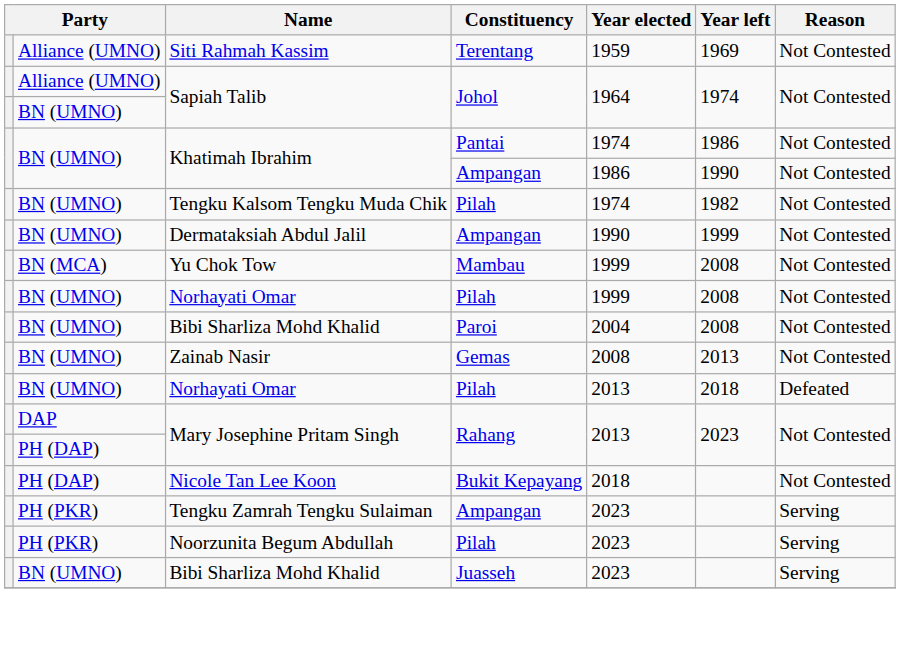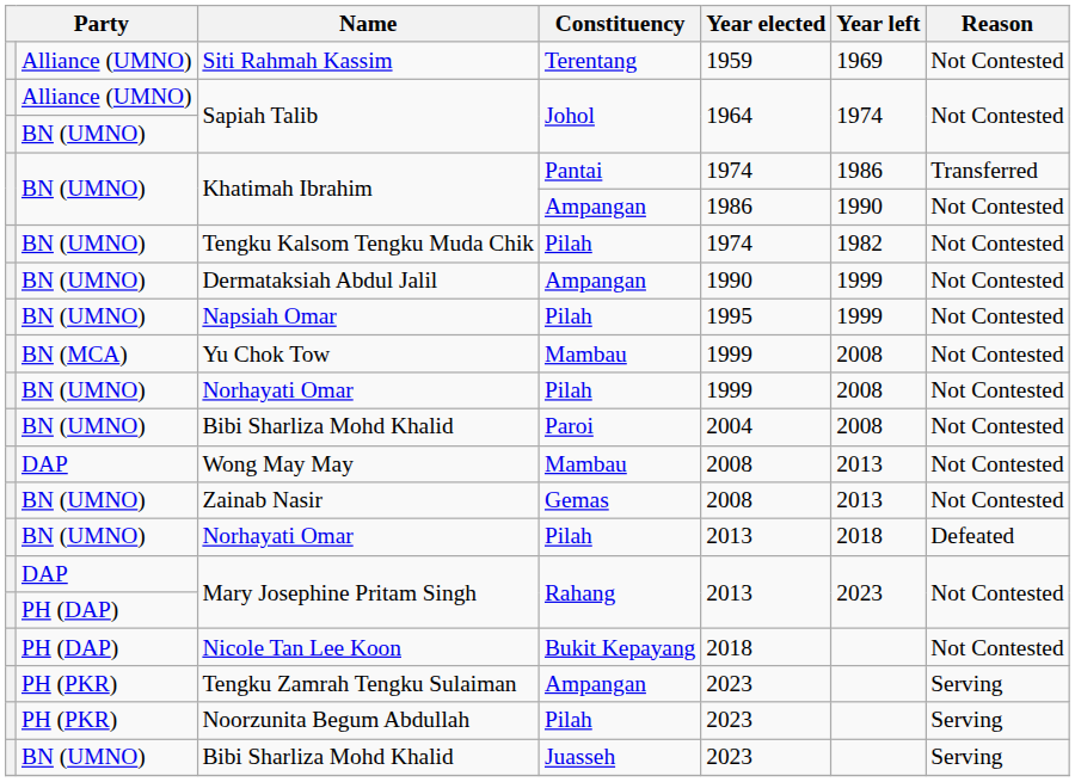 <table class="wikitable sortable">
 <tr>
 <th colspan=2>Party</th>
 <th>Name</th>
 <th>Constituency</th>
 <th>Year elected</th>
 <th>Year left</th>
 <th>Reason</th>
 </tr>
 <tr>
 <th style="background-color: "></th>
 <td><a href='#'>Alliance</a> (<a href='#'>UMNO</a>)</td>
 <td><a href='#'>Siti Rahmah Kassim</a></td>
 <td><a href='#'>Terentang</a></td>
 <td>1959</td>
 <td>1969</td>
 <td>Not Contested</td>
 </tr>
 <tr>
 <th style="background-color: "></th>
 <td><a href='#'>Alliance</a> (<a href='#'>UMNO</a>)</td>
 <td rowspan=2>Sapiah Talib</td>
 <td rowspan=2><a href='#'>Johol</a></td>
 <td rowspan=2>1964</td>
 <td rowspan=2>1974</td>
 <td rowspan=2>Not Contested</td>
 </tr>
 <tr>
 <th style="background-color: "></th>
 <td><a href='#'>BN</a> (<a href='#'>UMNO</a>)</td>
 </tr>
 <tr>
 <th rowspan=2 style="background-color: "></th>
 <td rowspan=2><a href='#'>BN</a> (<a href='#'>UMNO</a>)</td>
 <td rowspan=2>Khatimah Ibrahim</td>
 <td><a href='#'>Pantai</a></td>
 <td>1974</td>
 <td>1986</td>
-<td>Not Contested</td>
+<td>Transferred</td>
 </tr>
 <tr>
 <td><a href='#'>Ampangan</a></td>
 <td>1986</td>
 <td>1990</td>
 <td>Not Contested</td>
 </tr>
 <tr>
 <th style="background-color: "></th>
 <td><a href='#'>BN</a> (<a href='#'>UMNO</a>)</td>
 <td>Tengku Kalsom Tengku Muda Chik</td>
 <td><a href='#'>Pilah</a></td>
 <td>1974</td>
 <td>1982</td>
 <td>Not Contested</td>
 </tr>
 <tr>
 <th style="background-color: "></th>
 <td><a href='#'>BN</a> (<a href='#'>UMNO</a>)</td>
 <td>Dermataksiah Abdul Jalil</td>
 <td><a href='#'>Ampangan</a></td>
 <td>1990</td>
+<td>1999</td>
+<td>Not Contested</td>
+</tr>
+<tr>
+<th style="background-color: "></th>
+<td><a href='#'>BN</a> (<a href='#'>UMNO</a>)</td>
+<td><a href='#'>Napsiah Omar</a></td>
+<td><a href='#'>Pilah</a></td>
+<td>1995</td>
 <td>1999</td>
 <td>Not Contested</td>
 </tr>
 <tr>
 <th style="background-color: "></th>
 <td><a href='#'>BN</a> (<a href='#'>MCA</a>)</td>
 <td>Yu Chok Tow</td>
 <td><a href='#'>Mambau</a></td>
 <td>1999</td>
 <td>2008</td>
 <td>Not Contested</td>
 </tr>
 <tr>
 <th style="background-color: "></th>
 <td><a href='#'>BN</a> (<a href='#'>UMNO</a>)</td>
 <td><a href='#'>Norhayati Omar</a></td>
 <td><a href='#'>Pilah</a></td>
 <td>1999</td>
 <td>2008</td>
 <td>Not Contested</td>
 </tr>
 <tr>
 <th style="background-color: "></th>
 <td><a href='#'>BN</a> (<a href='#'>UMNO</a>)</td>
 <td>Bibi Sharliza Mohd Khalid</td>
 <td><a href='#'>Paroi</a></td>
 <td>2004</td>
 <td>2008</td>
+<td>Not Contested</td>
+</tr>
+<tr>
+<th style="background-color: "></th>
+<td><a href='#'>DAP</a></td>
+<td>Wong May May</td>
+<td><a href='#'>Mambau</a></td>
+<td>2008</td>
+<td>2013</td>
 <td>Not Contested</td>
 </tr>
 <tr>
 <th style="background-color: "></th>
 <td><a href='#'>BN</a> (<a href='#'>UMNO</a>)</td>
 <td>Zainab Nasir</td>
 <td><a href='#'>Gemas</a></td>
 <td>2008</td>
 <td>2013</td>
 <td>Not Contested</td>
 </tr>
 <tr>
 <th style="background-color: "></th>
 <td><a href='#'>BN</a> (<a href='#'>UMNO</a>)</td>
 <td><a href='#'>Norhayati Omar</a></td>
 <td><a href='#'>Pilah</a></td>
 <td>2013</td>
 <td>2018</td>
 <td>Defeated</td>
 </tr>
 <tr>
 <th style="background-color: "></th>
 <td><a href='#'>DAP</a></td>
 <td rowspan=2>Mary Josephine Pritam Singh</td>
 <td rowspan=2><a href='#'>Rahang</a></td>
 <td rowspan=2>2013</td>
 <td rowspan=2>2023</td>
 <td rowspan=2>Not Contested</td>
 </tr>
 <tr>
 <th style="background-color: "></th>
 <td><a href='#'>PH</a> (<a href='#'>DAP</a>)</td>
 </tr>
 <tr>
 <th style="background-color: "></th>
 <td><a href='#'>PH</a> (<a href='#'>DAP</a>)</td>
 <td><a href='#'>Nicole Tan Lee Koon</a></td>
 <td><a href='#'>Bukit Kepayang</a></td>
 <td>2018</td>
 <td></td>
 <td>Not Contested</td>
 </tr>
 <tr>
 <th style="background-color: "></th>
 <td><a href='#'>PH</a> (<a href='#'>PKR</a>)</td>
 <td>Tengku Zamrah Tengku Sulaiman</td>
 <td><a href='#'>Ampangan</a></td>
 <td>2023</td>
 <td></td>
 <td>Serving</td>
 </tr>
 <tr>
 <th style="background-color: "></th>
 <td><a href='#'>PH</a> (<a href='#'>PKR</a>)</td>
 <td>Noorzunita Begum Abdullah</td>
 <td><a href='#'>Pilah</a></td>
 <td>2023</td>
 <td></td>
 <td>Serving</td>
 </tr>
 <tr>
 <th style="background-color: "></th>
 <td><a href='#'>BN</a> (<a href='#'>UMNO</a>)</td>
 <td>Bibi Sharliza Mohd Khalid</td>
 <td><a href='#'>Juasseh</a></td>
 <td>2023</td>
 <td></td>
 <td>Serving</td>
 </tr>
 <tr>
 </tr>
 </table>
